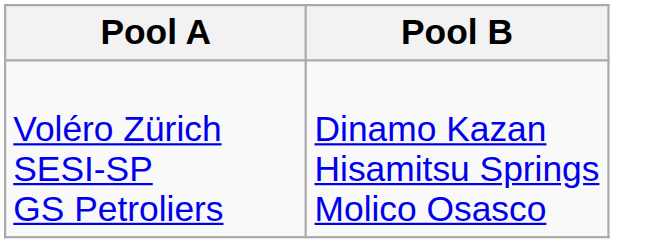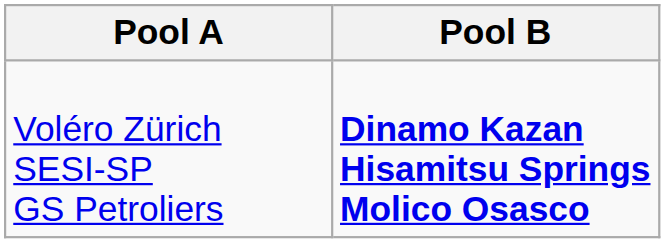 <table class="wikitable">
 <tr>
 <th width=50%>Pool A</th>
 <th width=50%>Pool B</th>
 </tr>
 <tr>
 <td><br> <a href='#'>Voléro Zürich</a><br>  <a href='#'>SESI-SP</a><br>  <a href='#'>GS Petroliers</a><br></td>
-<td><br> <a href='#'>Dinamo Kazan</a><br>  <a href='#'>Hisamitsu Springs</a><br>  <a href='#'>Molico Osasco</a><br></td>
+<td><strong><br> <a href='#'>Dinamo Kazan</a><br>  <a href='#'>Hisamitsu Springs</a><br>  <a href='#'>Molico Osasco</a><br></strong></td>
 </tr>
 </table>
